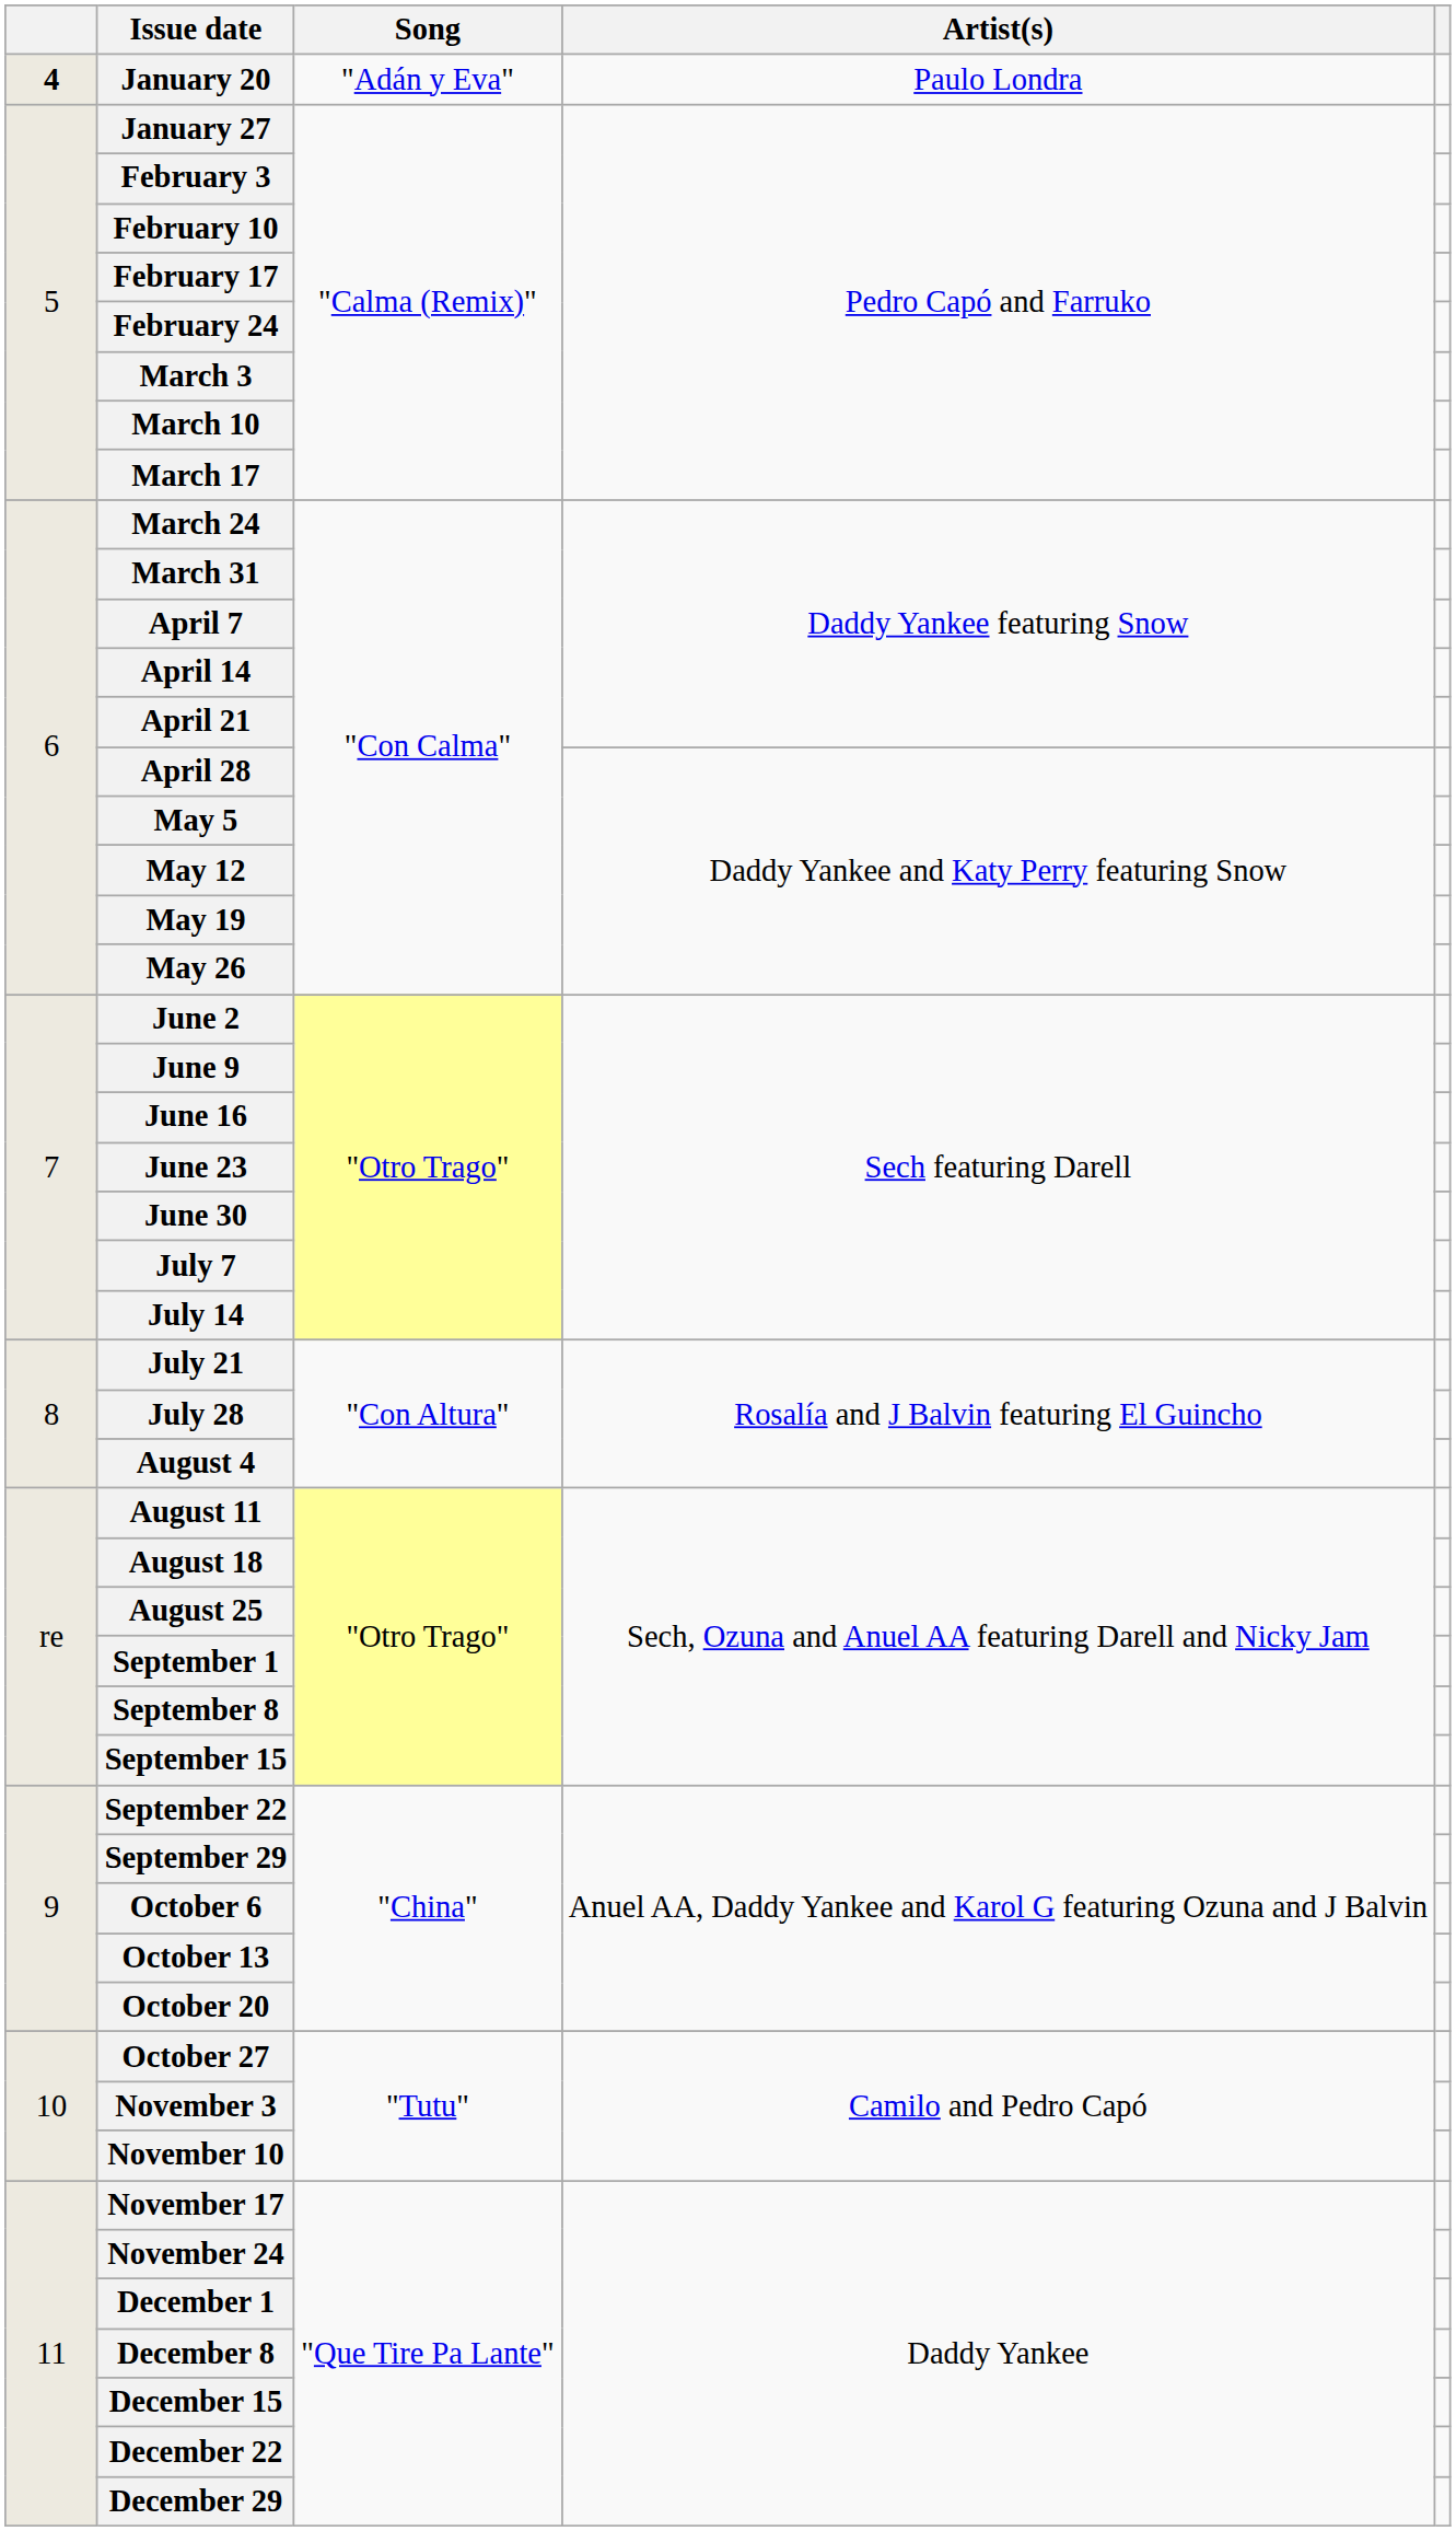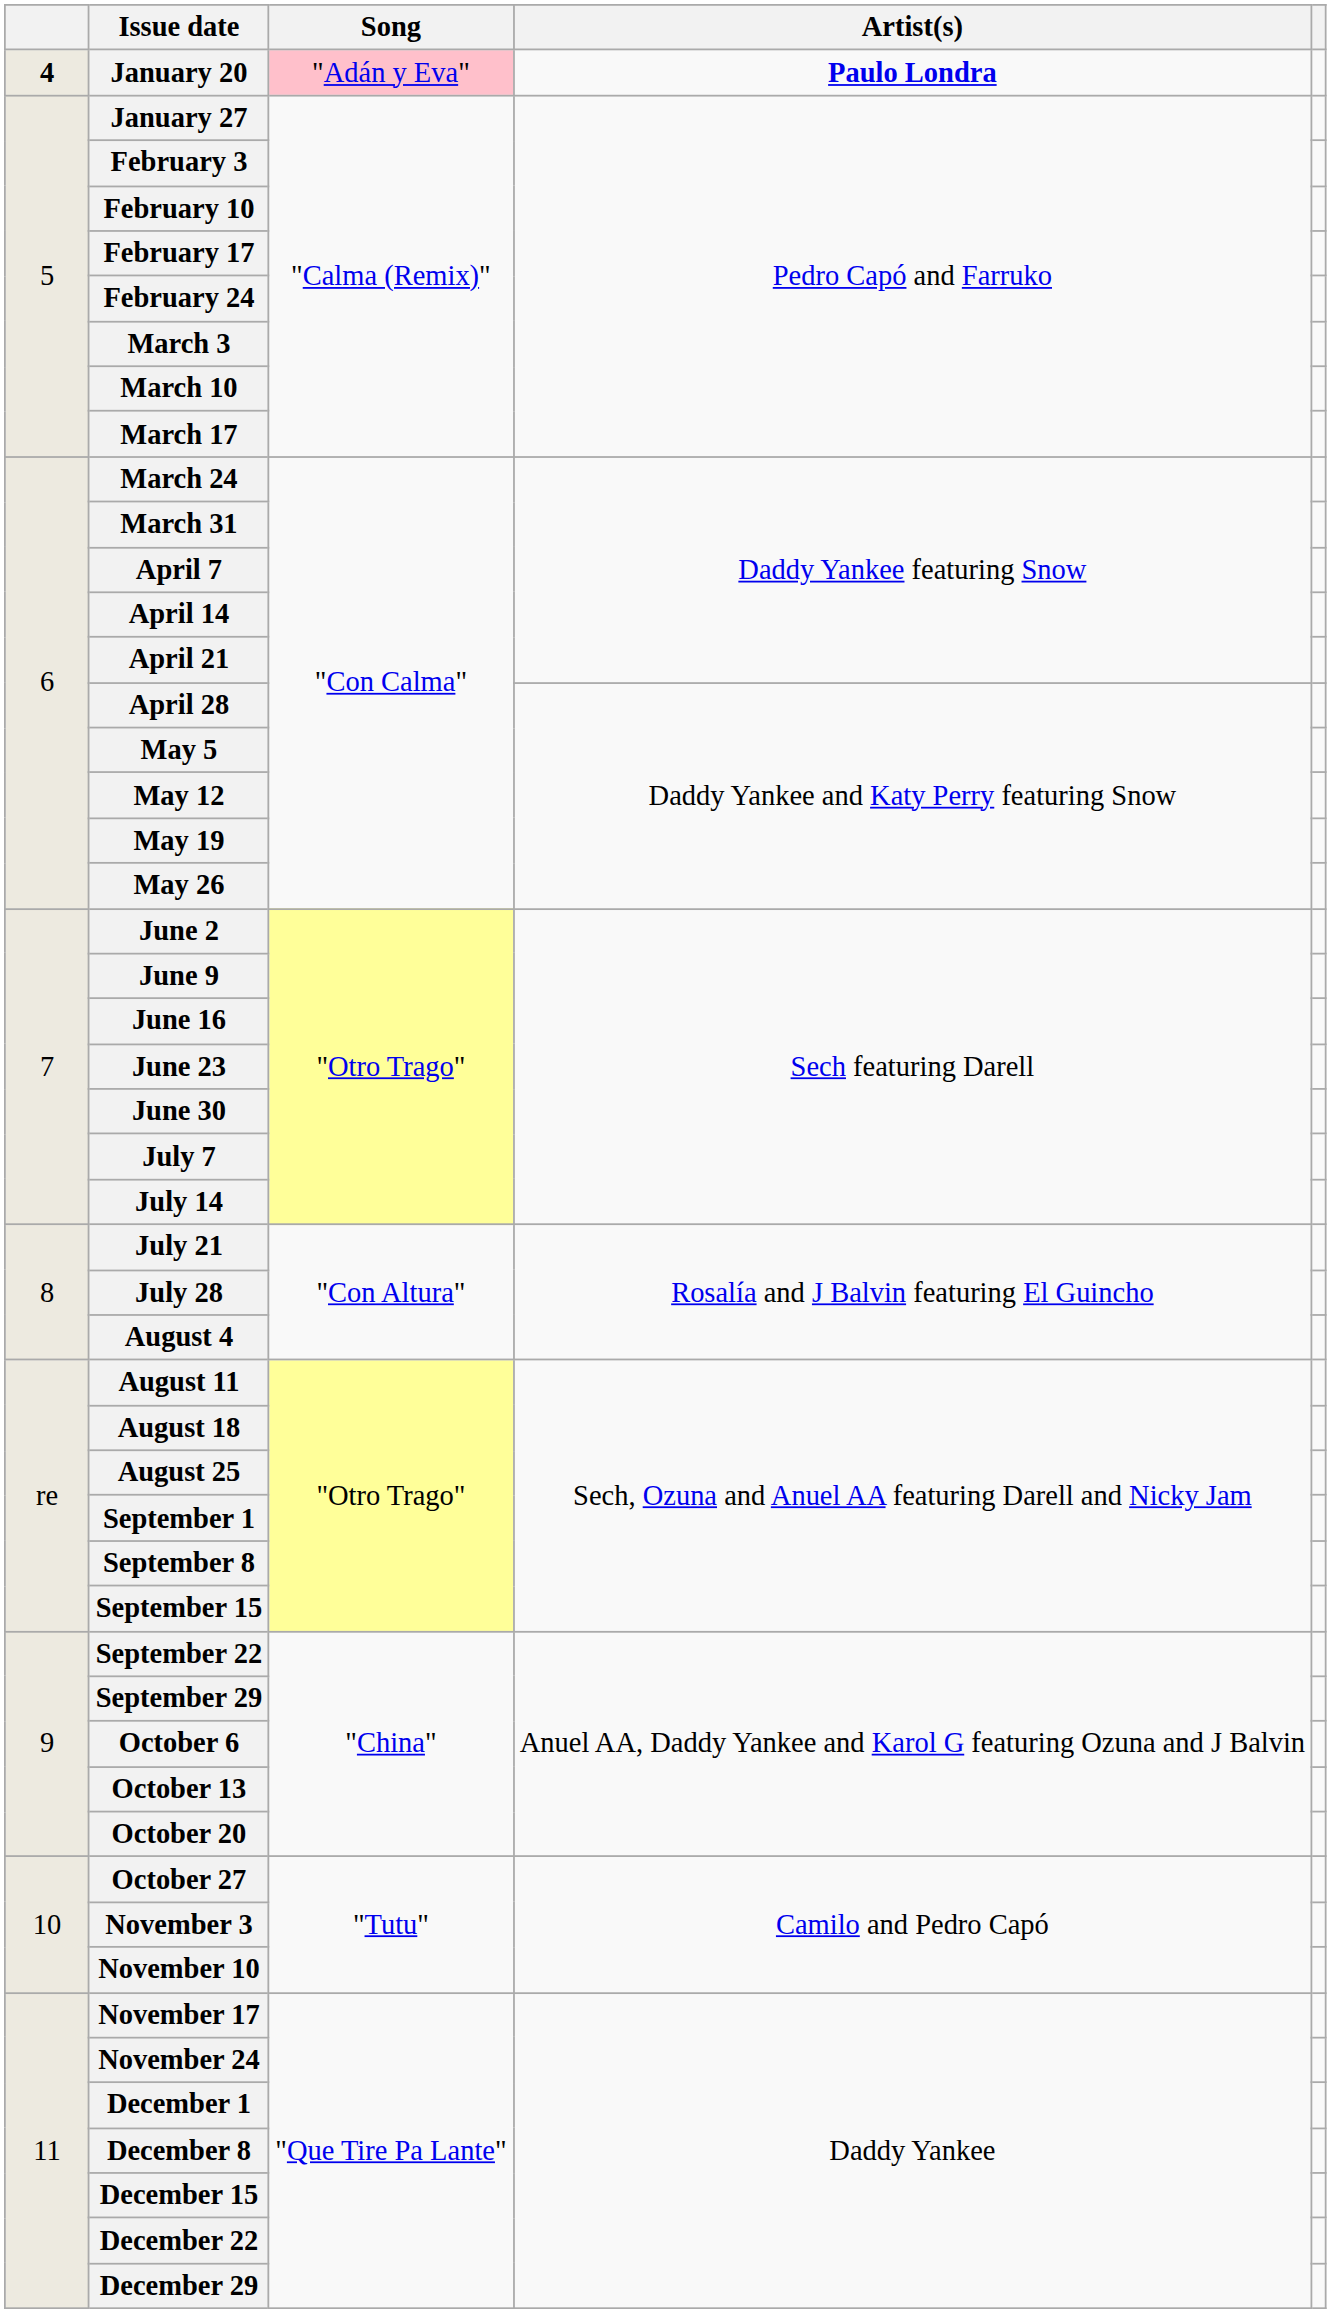 <table class="wikitable plainrowheaders" style="text-align: center">
 <tr>
 <th width=40></th>
 <th>Issue date</th>
 <th>Song</th>
 <th>Artist(s)</th>
 <th></th>
 </tr>
 <tr>
 <td bgcolor="#EDEAE0" align="center" rowspan="1"><strong>4</strong></td>
 <th scope="row">January 20</th>
-<td>"<a href='#'>Adán y Eva</a>"</td>
-<td><a href='#'>Paulo Londra</a></td>
+<td style="background: pink;">"<a href='#'>Adán y Eva</a>"</td>
+<td><strong><a href='#'>Paulo Londra</a></strong></td>
 <td></td>
 </tr>
 <tr>
 <td bgcolor="#EDEAE0" align="center" rowspan="8">5</td>
 <th scope="row">January 27</th>
 <td rowspan="8">"<a href='#'>Calma (Remix)</a>"</td>
 <td rowspan="8"><a href='#'>Pedro Capó</a> and <a href='#'>Farruko</a></td>
 <td></td>
 </tr>
 <tr>
 <th scope="row">February 3</th>
 <td></td>
 </tr>
 <tr>
 <th scope="row">February 10</th>
 <td></td>
 </tr>
 <tr>
 <th scope="row">February 17</th>
 <td></td>
 </tr>
 <tr>
 <th scope="row">February 24</th>
 <td></td>
 </tr>
 <tr>
 <th scope="row">March 3</th>
 <td></td>
 </tr>
 <tr>
 <th scope="row">March 10</th>
 <td></td>
 </tr>
 <tr>
 <th scope="row">March 17</th>
 <td></td>
 </tr>
 <tr>
 <td bgcolor="#EDEAE0" align="center" rowspan="10">6</td>
 <th scope="row">March 24</th>
 <td rowspan="10">"<a href='#'>Con Calma</a>"</td>
 <td rowspan="5"><a href='#'>Daddy Yankee</a> featuring <a href='#'>Snow</a></td>
 <td></td>
 </tr>
 <tr>
 <th scope="row">March 31</th>
 <td></td>
 </tr>
 <tr>
 <th scope="row">April 7</th>
 <td></td>
 </tr>
 <tr>
 <th scope="row">April 14</th>
 <td></td>
 </tr>
 <tr>
 <th scope="row">April 21</th>
 <td></td>
 </tr>
 <tr>
 <th scope="row">April 28</th>
 <td rowspan="5">Daddy Yankee and <a href='#'>Katy Perry</a> featuring Snow</td>
 <td></td>
 </tr>
 <tr>
 <th scope="row">May 5</th>
 <td></td>
 </tr>
 <tr>
 <th scope="row">May 12</th>
 <td></td>
 </tr>
 <tr>
 <th scope="row">May 19</th>
 <td></td>
 </tr>
 <tr>
 <th scope="row">May 26</th>
 <td></td>
 </tr>
 <tr>
 <td bgcolor="#EDEAE0" align="center" rowspan="7">7</td>
 <th scope="row">June 2</th>
 <td bgcolor=FFFF99 rowspan="7">"<a href='#'>Otro Trago</a>" </td>
 <td rowspan="7"><a href='#'>Sech</a> featuring Darell</td>
 <td></td>
 </tr>
 <tr>
 <th scope="row">June 9</th>
 <td></td>
 </tr>
 <tr>
 <th scope="row">June 16</th>
 <td></td>
 </tr>
 <tr>
 <th scope="row">June 23</th>
 <td></td>
 </tr>
 <tr>
 <th scope="row">June 30</th>
 <td></td>
 </tr>
 <tr>
 <th scope="row">July 7</th>
 <td></td>
 </tr>
 <tr>
 <th scope="row">July 14</th>
 <td></td>
 </tr>
 <tr>
 <td bgcolor="#EDEAE0" align="center" rowspan="3">8</td>
 <th scope="row">July 21</th>
 <td rowspan="3">"<a href='#'>Con Altura</a>"</td>
 <td rowspan="3"><a href='#'>Rosalía</a> and <a href='#'>J Balvin</a> featuring <a href='#'>El Guincho</a></td>
 <td></td>
 </tr>
 <tr>
 <th scope="row">July 28</th>
 <td></td>
 </tr>
 <tr>
 <th scope="row">August 4</th>
 <td></td>
 </tr>
 <tr>
 <td bgcolor="#EDEAE0" align="center" rowspan="6">re</td>
 <th scope="row">August 11</th>
 <td bgcolor=FFFF99 rowspan="6">"Otro Trago" </td>
 <td rowspan="6">Sech, <a href='#'>Ozuna</a> and <a href='#'>Anuel AA</a> featuring Darell and <a href='#'>Nicky Jam</a></td>
 <td></td>
 </tr>
 <tr>
 <th scope="row">August 18</th>
 <td></td>
 </tr>
 <tr>
 <th scope="row">August 25</th>
 <td></td>
 </tr>
 <tr>
 <th scope="row">September 1</th>
 <td></td>
 </tr>
 <tr>
 <th scope="row">September 8</th>
 <td></td>
 </tr>
 <tr>
 <th scope="row">September 15</th>
 <td></td>
 </tr>
 <tr>
 <td bgcolor="#EDEAE0" align="center" rowspan="5">9</td>
 <th scope="row">September 22</th>
 <td rowspan="5">"<a href='#'>China</a>"</td>
 <td rowspan="5">Anuel AA, Daddy Yankee and <a href='#'>Karol G</a> featuring Ozuna and J Balvin</td>
 <td></td>
 </tr>
 <tr>
 <th scope="row">September 29</th>
 <td></td>
 </tr>
 <tr>
 <th scope="row">October 6</th>
 <td></td>
 </tr>
 <tr>
 <th scope="row">October 13</th>
 <td></td>
 </tr>
 <tr>
 <th scope="row">October 20</th>
 <td></td>
 </tr>
 <tr>
 <td bgcolor="#EDEAE0" align="center" rowspan="3">10</td>
 <th scope="row">October 27</th>
 <td rowspan="3">"<a href='#'>Tutu</a>"</td>
 <td rowspan="3"><a href='#'>Camilo</a> and Pedro Capó</td>
 <td></td>
 </tr>
 <tr>
 <th scope="row">November 3</th>
 <td></td>
 </tr>
 <tr>
 <th scope="row">November 10</th>
 <td></td>
 </tr>
 <tr>
 <td bgcolor="#EDEAE0" align="center" rowspan="7">11</td>
 <th scope="row">November 17</th>
 <td rowspan="7">"<a href='#'>Que Tire Pa Lante</a>"</td>
 <td rowspan="7">Daddy Yankee</td>
 <td></td>
 </tr>
 <tr>
 <th scope="row">November 24</th>
 <td></td>
 </tr>
 <tr>
 <th scope="row">December 1</th>
 <td></td>
 </tr>
 <tr>
 <th scope="row">December 8</th>
 <td></td>
 </tr>
 <tr>
 <th scope="row">December 15</th>
 <td></td>
 </tr>
 <tr>
 <th scope="row">December 22</th>
 <td></td>
 </tr>
 <tr>
 <th scope="row">December 29</th>
 <td></td>
 </tr>
 </table>
